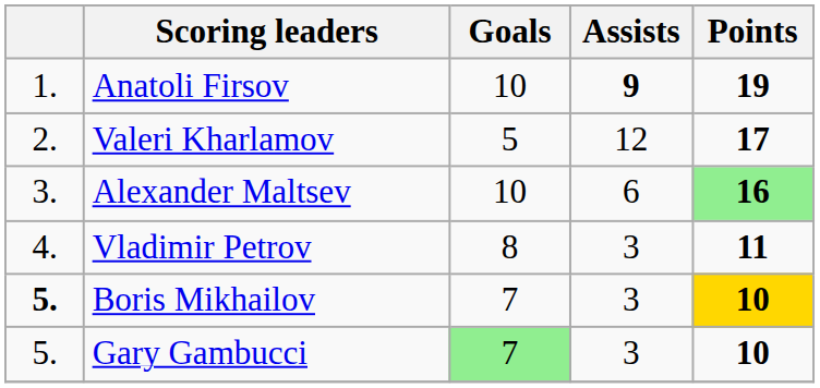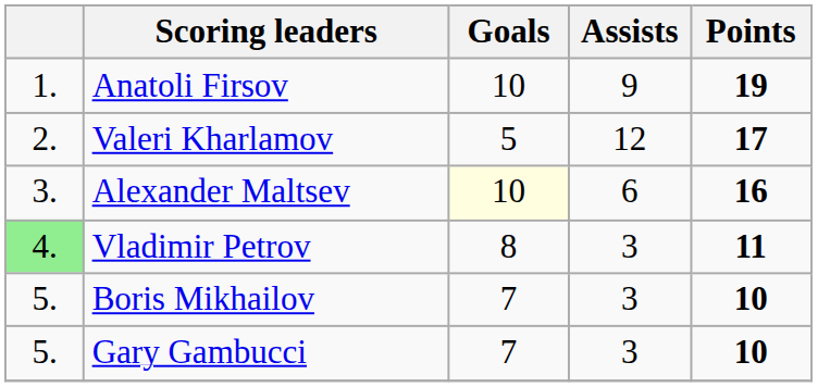 <table class="wikitable" style="text-align:center;">
 <tr bgcolor="#dddddd">
 <th width="30px"></th>
 <th width="165px">Scoring leaders</th>
 <th width="50px">Goals</th>
 <th width="50px">Assists</th>
 <th width="50px">Points</th>
 </tr>
 <tr>
 <td>1.</td>
 <td style="text-align:left;"> <a href='#'>Anatoli Firsov</a></td>
 <td>10</td>
-<td><strong>9</strong></td>
+<td>9</td>
 <td><strong>19</strong></td>
 </tr>
 <tr>
 <td>2.</td>
 <td style="text-align:left;"> <a href='#'>Valeri Kharlamov</a></td>
 <td>5</td>
 <td>12</td>
 <td><strong>17</strong></td>
 </tr>
 <tr>
 <td>3.</td>
 <td style="text-align:left;"> <a href='#'>Alexander Maltsev</a></td>
-<td>10</td>
+<td style="background: lightyellow;">10</td>
 <td>6</td>
-<td style="background: lightgreen;"><strong>16</strong></td>
+<td><strong>16</strong></td>
 </tr>
 <tr>
-<td>4.</td>
+<td style="background: lightgreen;">4.</td>
 <td style="text-align:left;"> <a href='#'>Vladimir Petrov</a></td>
 <td>8</td>
 <td>3</td>
 <td><strong>11</strong></td>
 </tr>
 <tr>
-<td><strong>5.</strong></td>
+<td>5.</td>
 <td style="text-align:left;"> <a href='#'>Boris Mikhailov</a></td>
 <td>7</td>
 <td>3</td>
-<td style="background: gold;"><strong>10</strong></td>
+<td><strong>10</strong></td>
 </tr>
 <tr>
 <td>5.</td>
 <td style="text-align:left;"> <a href='#'>Gary Gambucci</a></td>
-<td style="background: lightgreen;">7</td>
+<td>7</td>
 <td>3</td>
 <td><strong>10</strong></td>
 </tr>
 <tr>
 </tr>
 </table>
